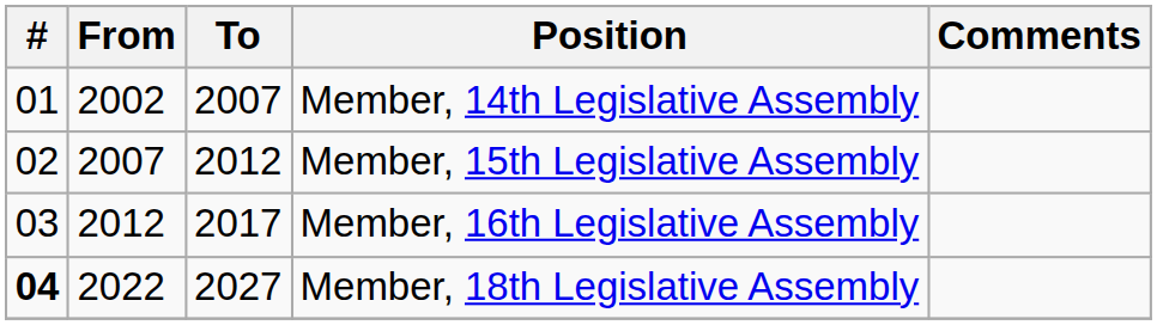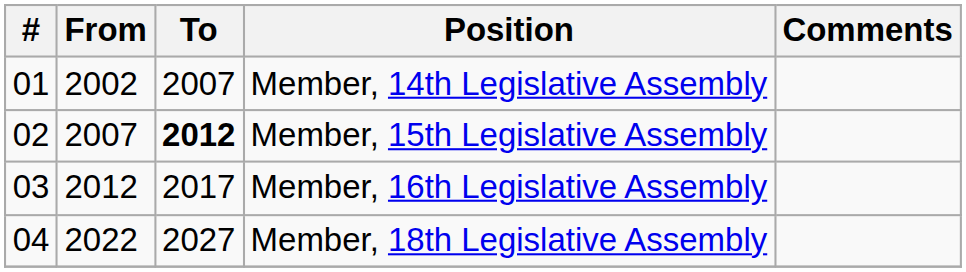 <table class="wikitable sortable">
 <tr>
 <th>#</th>
 <th>From</th>
 <th>To</th>
 <th>Position</th>
 <th>Comments</th>
 </tr>
 <tr>
 <td>01</td>
 <td>2002</td>
 <td>2007</td>
 <td>Member, <a href='#'>14th Legislative Assembly</a></td>
 <td></td>
 </tr>
 <tr>
 <td>02</td>
 <td>2007</td>
-<td>2012</td>
+<td><strong>2012</strong></td>
 <td>Member, <a href='#'>15th Legislative Assembly</a></td>
 <td></td>
 </tr>
 <tr>
 <td>03</td>
 <td>2012</td>
 <td>2017</td>
 <td>Member, <a href='#'>16th Legislative Assembly</a></td>
 <td></td>
 </tr>
 <tr>
-<td><strong>04</strong></td>
+<td>04</td>
 <td>2022</td>
 <td>2027</td>
 <td>Member, <a href='#'>18th Legislative Assembly</a></td>
 <td></td>
 </tr>
 <tr>
 </tr>
 </table>
